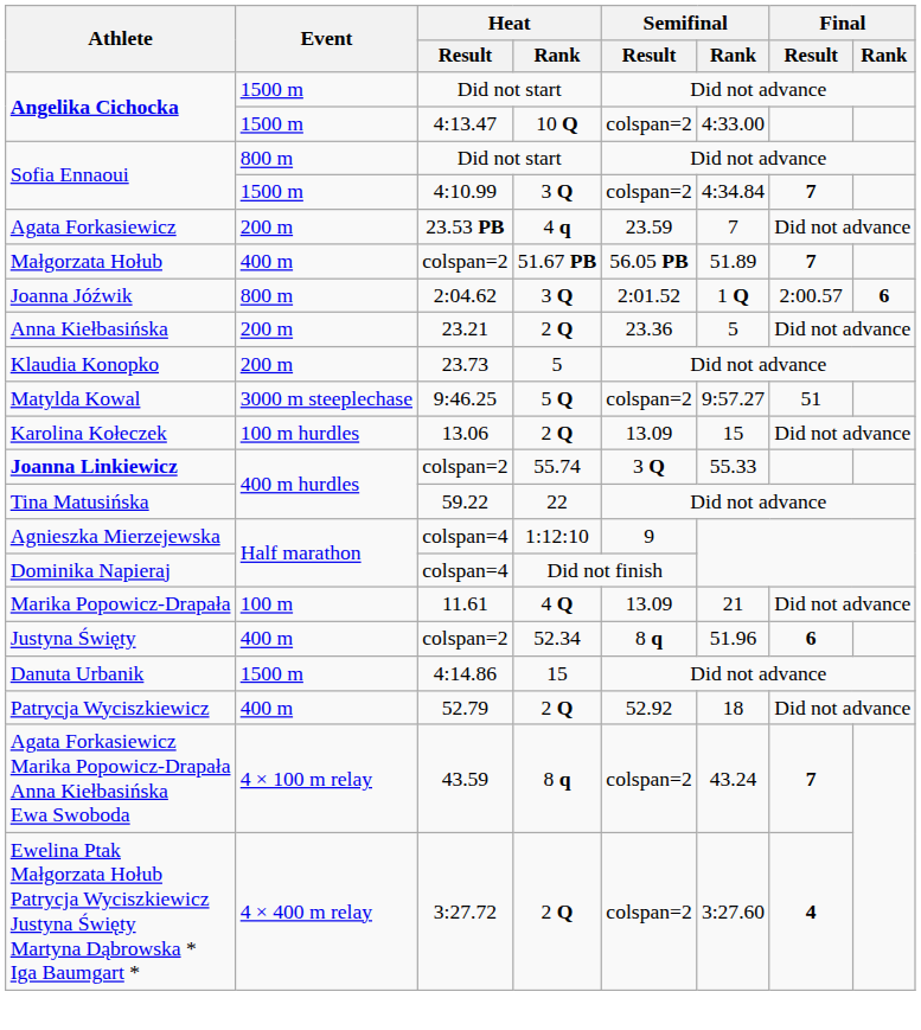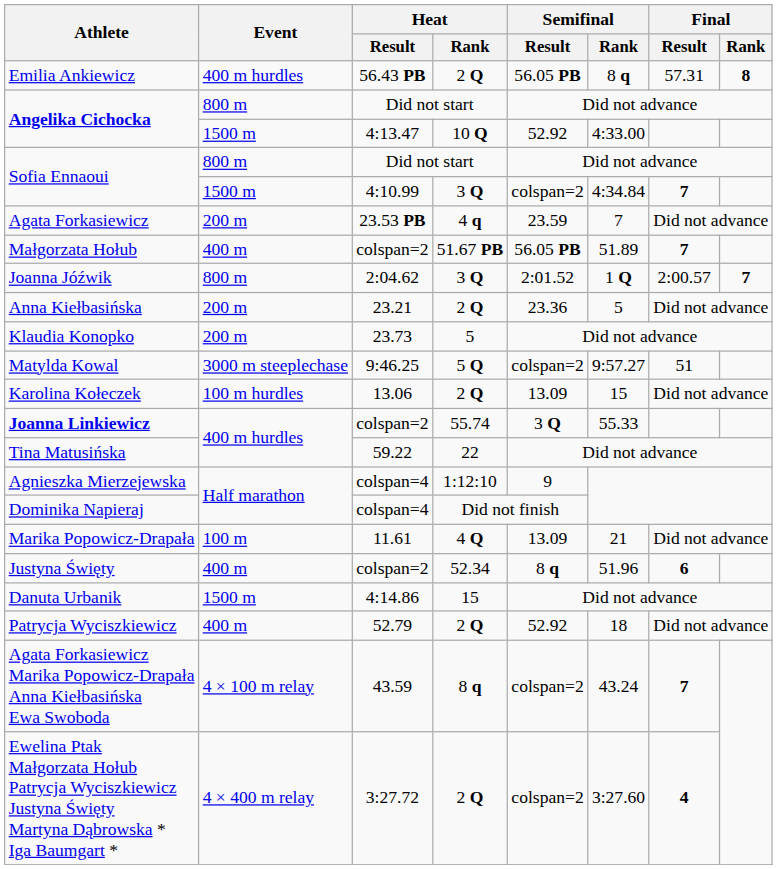 <table class="wikitable" style="font-size:90%">
 <tr>
 <th rowspan="2">Athlete</th>
 <th rowspan="2">Event</th>
 <th colspan="2">Heat</th>
 <th colspan="2">Semifinal</th>
 <th colspan="2">Final</th>
 </tr>
 <tr style="font-size:95%">
 <th>Result</th>
 <th>Rank</th>
 <th>Result</th>
 <th>Rank</th>
 <th>Result</th>
 <th>Rank</th>
 </tr>
 <tr align=center>
+<td align=left><a href='#'>Emilia Ankiewicz</a></td>
+<td align=left><a href='#'>400 m hurdles</a></td>
+<td>56.43 <strong>PB</strong></td>
+<td>2 <strong>Q</strong></td>
+<td>56.05 <strong>PB</strong></td>
+<td>8 <strong>q</strong></td>
+<td>57.31</td>
+<td><strong>8</strong></td>
+</tr>
+<tr align=center>
 <td align=left rowspan=2><strong><a href='#'>Angelika Cichocka</a></strong></td>
-<td align=left><a href='#'>1500 m</a></td>
+<td align=left><a href='#'>800 m</a></td>
 <td colspan=2>Did not start</td>
 <td colspan=4>Did not advance</td>
 </tr>
 <tr align=center>
 <td align=left><a href='#'>1500 m</a></td>
 <td>4:13.47</td>
 <td>10 <strong>Q</strong></td>
-<td>colspan=2 </td>
+<td>52.92</td>
 <td>4:33.00</td>
 <td></td>
 </tr>
 <tr align=center>
 <td align=left rowspan=2><a href='#'>Sofia Ennaoui</a></td>
 <td align=left><a href='#'>800 m</a></td>
 <td colspan=2>Did not start</td>
 <td colspan=4>Did not advance</td>
 </tr>
 <tr align=center>
 <td align=left><a href='#'>1500 m</a></td>
 <td>4:10.99</td>
 <td>3 <strong>Q</strong></td>
 <td>colspan=2 </td>
 <td>4:34.84</td>
 <td><strong>7</strong></td>
 </tr>
 <tr align=center>
 <td align=left><a href='#'>Agata Forkasiewicz</a></td>
 <td align=left><a href='#'>200 m</a></td>
 <td>23.53 <strong>PB</strong></td>
 <td>4 <strong>q</strong></td>
 <td>23.59</td>
 <td>7</td>
 <td colspan=2>Did not advance</td>
 </tr>
 <tr align=center>
 <td align=left><a href='#'>Małgorzata Hołub</a></td>
 <td align=left><a href='#'>400 m</a></td>
 <td>colspan=2 </td>
 <td>51.67 <strong>PB</strong></td>
 <td>56.05 <strong>PB</strong></td>
 <td>51.89</td>
 <td><strong>7</strong></td>
 </tr>
 <tr align=center>
 <td align=left><a href='#'>Joanna Jóźwik</a></td>
 <td align=left><a href='#'>800 m</a></td>
 <td>2:04.62</td>
 <td>3 <strong>Q</strong></td>
 <td>2:01.52</td>
 <td>1 <strong>Q</strong></td>
 <td>2:00.57</td>
-<td><strong>6</strong></td>
+<td><strong>7</strong></td>
 </tr>
 <tr align=center>
 <td align=left><a href='#'>Anna Kiełbasińska</a></td>
 <td align=left><a href='#'>200 m</a></td>
 <td>23.21</td>
 <td>2 <strong>Q</strong></td>
 <td>23.36</td>
 <td>5</td>
 <td colspan=2>Did not advance</td>
 </tr>
 <tr align=center>
 <td align=left><a href='#'>Klaudia Konopko</a></td>
 <td align=left><a href='#'>200 m</a></td>
 <td>23.73</td>
 <td>5</td>
 <td colspan=4>Did not advance</td>
 </tr>
 <tr align=center>
 <td align=left><a href='#'>Matylda Kowal</a></td>
 <td align=left><a href='#'>3000 m steeplechase</a></td>
 <td>9:46.25</td>
 <td>5 <strong>Q</strong></td>
 <td>colspan=2 </td>
 <td>9:57.27</td>
 <td>51</td>
 </tr>
 <tr align=center>
 <td align=left><a href='#'>Karolina Kołeczek</a></td>
 <td align=left><a href='#'>100 m hurdles</a></td>
 <td>13.06</td>
 <td>2 <strong>Q</strong></td>
 <td>13.09</td>
 <td>15</td>
 <td colspan=2>Did not advance</td>
 </tr>
 <tr align=center>
 <td align=left><strong><a href='#'>Joanna Linkiewicz</a></strong></td>
 <td align=left rowspan=2><a href='#'>400 m hurdles</a></td>
 <td>colspan=2 </td>
 <td>55.74</td>
 <td>3 <strong>Q</strong></td>
 <td>55.33</td>
 <td></td>
 </tr>
 <tr align=center>
 <td align=left><a href='#'>Tina Matusińska</a></td>
 <td>59.22</td>
 <td>22</td>
 <td colspan=4>Did not advance</td>
 </tr>
 <tr align=center>
 <td align=left><a href='#'>Agnieszka Mierzejewska</a></td>
 <td align=left rowspan=2><a href='#'>Half marathon</a></td>
 <td>colspan=4 </td>
 <td>1:12:10</td>
 <td>9</td>
 </tr>
 <tr align=center>
 <td align=left><a href='#'>Dominika Napieraj</a></td>
 <td>colspan=4 </td>
 <td colspan=2>Did not finish</td>
 </tr>
 <tr align=center>
 <td align=left><a href='#'>Marika Popowicz-Drapała</a></td>
 <td align=left><a href='#'>100 m</a></td>
 <td>11.61</td>
 <td>4 <strong>Q</strong></td>
 <td>13.09</td>
 <td>21</td>
 <td colspan=2>Did not advance</td>
 </tr>
 <tr align=center>
 <td align=left><a href='#'>Justyna Święty</a></td>
 <td align=left><a href='#'>400 m</a></td>
 <td>colspan=2 </td>
 <td>52.34</td>
 <td>8 <strong>q</strong></td>
 <td>51.96</td>
 <td><strong>6</strong></td>
 </tr>
 <tr align=center>
 <td align=left><a href='#'>Danuta Urbanik</a></td>
 <td align=left><a href='#'>1500 m</a></td>
 <td>4:14.86</td>
 <td>15</td>
 <td colspan=4>Did not advance</td>
 </tr>
 <tr align=center>
 <td align=left><a href='#'>Patrycja Wyciszkiewicz</a></td>
 <td align=left><a href='#'>400 m</a></td>
 <td>52.79</td>
 <td>2 <strong>Q</strong></td>
 <td>52.92</td>
 <td>18</td>
 <td colspan=2>Did not advance</td>
 </tr>
 <tr align="center">
 <td align=left><a href='#'>Agata Forkasiewicz</a><br><a href='#'>Marika Popowicz-Drapała</a><br><a href='#'>Anna Kiełbasińska</a><br><a href='#'>Ewa Swoboda</a></td>
 <td align=left><a href='#'>4 × 100 m relay</a></td>
 <td>43.59</td>
 <td>8 <strong>q</strong></td>
 <td>colspan=2 </td>
 <td>43.24</td>
 <td><strong>7</strong></td>
 </tr>
 <tr align="center">
 <td align=left><a href='#'>Ewelina Ptak</a><br><a href='#'>Małgorzata Hołub</a><br><a href='#'>Patrycja Wyciszkiewicz</a><br><a href='#'>Justyna Święty</a><br><a href='#'>Martyna Dąbrowska</a> *<br><a href='#'>Iga Baumgart</a> *</td>
 <td align=left><a href='#'>4 × 400 m relay</a></td>
 <td>3:27.72</td>
 <td>2 <strong>Q</strong></td>
 <td>colspan=2 </td>
 <td>3:27.60</td>
 <td><strong>4</strong></td>
 </tr>
 </table>
